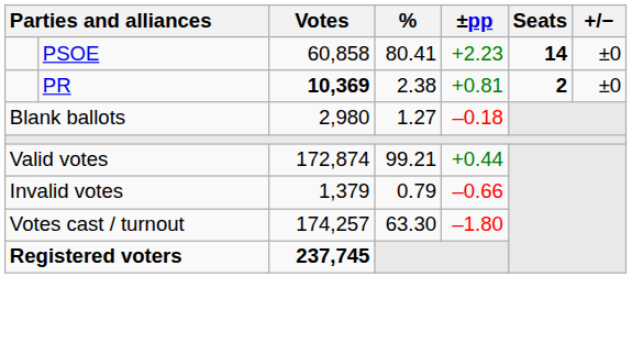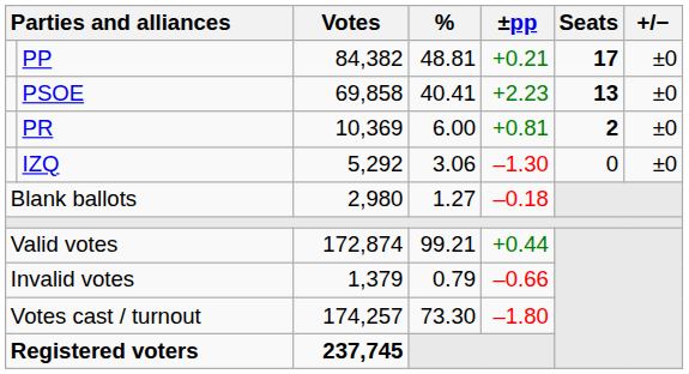 <table class="wikitable" style="text-align:right;">
 <tr>
 <th style="text-align:left;" colspan="2" width="200">Parties and alliances</th>
 <th width="75">Votes</th>
 <th width="45">%</th>
 <th width="45">±<a href='#'>pp</a></th>
 <th width="35">Seats</th>
 <th width="35">+/−</th>
 </tr>
 <tr>
+<td width="1" style="color:inherit;background:"></td>
+<td align="left"><a href='#'>PP</a></td>
+<td>84,382</td>
+<td>48.81</td>
+<td style="color:green;">+0.21</td>
+<td><strong>17</strong></td>
+<td>±0</td>
+</tr>
+<tr>
 <td style="color:inherit;background:"></td>
 <td align="left"><a href='#'>PSOE</a></td>
-<td>60,858</td>
-<td>80.41</td>
+<td>69,858</td>
+<td>40.41</td>
 <td style="color:green;">+2.23</td>
-<td><strong>14</strong></td>
+<td><strong>13</strong></td>
 <td>±0</td>
 </tr>
 <tr>
 <td style="color:inherit;background:"></td>
 <td align="left"><a href='#'>PR</a></td>
-<td><strong>10,369</strong></td>
-<td>2.38</td>
+<td>10,369</td>
+<td>6.00</td>
 <td style="color:green;">+0.81</td>
 <td><strong>2</strong></td>
+<td>±0</td>
+</tr>
+<tr>
+<td style="color:inherit;background:"></td>
+<td align="left"><a href='#'>IZQ</a></td>
+<td>5,292</td>
+<td>3.06</td>
+<td style="color:red;">–1.30</td>
+<td>0</td>
 <td>±0</td>
 </tr>
 <tr>
 <td align="left" colspan="2">Blank ballots</td>
 <td>2,980</td>
 <td>1.27</td>
 <td style="color:red;">–0.18</td>
 <td bgcolor="#E9E9E9" colspan="2"></td>
 </tr>
 <tr>
 <td colspan="7" bgcolor="#E9E9E9"></td>
 </tr>
 <tr>
 <td align="left" colspan="2">Valid votes</td>
 <td>172,874</td>
 <td>99.21</td>
 <td style="color:green;">+0.44</td>
 <td bgcolor="#E9E9E9" colspan="2" rowspan="4"></td>
 </tr>
 <tr>
 <td align="left" colspan="2">Invalid votes</td>
 <td>1,379</td>
 <td>0.79</td>
 <td style="color:red;">–0.66</td>
 </tr>
 <tr>
 <td align="left" colspan="2">Votes cast / turnout</td>
 <td>174,257</td>
-<td>63.30</td>
+<td>73.30</td>
 <td style="color:red;">–1.80</td>
 </tr>
 <tr style="font-weight:bold;">
 <td align="left" colspan="2">Registered voters</td>
 <td>237,745</td>
 <td bgcolor="#E9E9E9" colspan="2"></td>
 </tr>
 </table>
